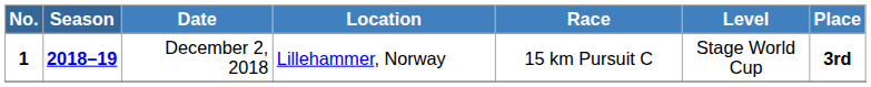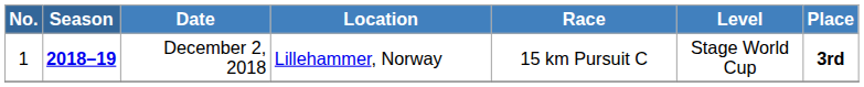 <table class="wikitable sortable" style="font-size:95%; text-align:center; border:grey solid 1px; border-collapse:collapse; background:#ffffff;">
 <tr style="background:#efefef;">
 <th style="background-color:#369; color:white;">No.</th>
 <th style="background-color:#369; color:white;">Season</th>
 <th style="background-color:#4180be; color:white; width:120px;">Date</th>
 <th style="background-color:#4180be; color:white; width:180px;">Location</th>
 <th style="background-color:#4180be; color:white; width:150px;">Race</th>
 <th style="background-color:#4180be; color:white; width:100px;">Level</th>
 <th style="background-color:#4180be; color:white;">Place</th>
 </tr>
 <tr>
-<td align=center><strong>1</strong></td>
+<td align=center>1</td>
 <td rowspan=1 align=center><strong><a href='#'>2018–19</a></strong></td>
 <td align=right>December 2, 2018</td>
 <td align=left> <a href='#'>Lillehammer</a>, Norway</td>
 <td>15 km Pursuit C</td>
 <td>Stage World Cup</td>
 <td><strong>3rd</strong></td>
 </tr>
 <tr>
 </tr>
 </table>
